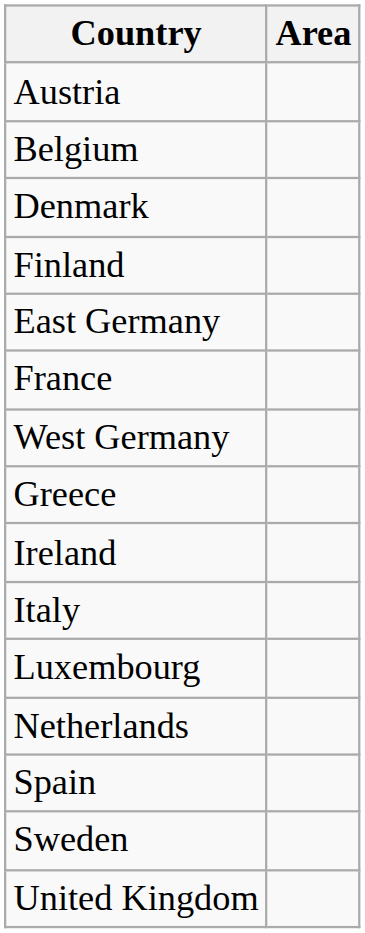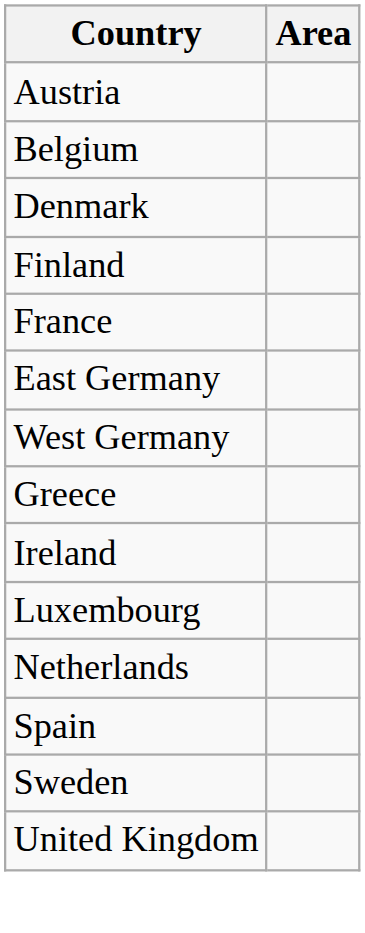 <table class="wikitable sortable" style="text-align: right; display: inline-table;">
 <tr>
 <th>Country</th>
 <th>Area</th>
 </tr>
 <tr>
 <td style="text-align:left;">Austria</td>
 <td></td>
 </tr>
 <tr>
 <td style="text-align:left;">Belgium</td>
 <td></td>
 </tr>
 <tr>
 <td style="text-align:left;">Denmark</td>
 <td></td>
 </tr>
 <tr>
 <td style="text-align:left;">Finland</td>
 <td></td>
 </tr>
 <tr>
-<td style="text-align:left;">East Germany</td>
+<td style="text-align:left;">France</td>
 <td></td>
 </tr>
 <tr>
-<td style="text-align:left;">France</td>
+<td style="text-align:left;">East Germany</td>
 <td></td>
 </tr>
 <tr>
 <td style="text-align:left;">West Germany</td>
 <td></td>
 </tr>
 <tr>
 <td style="text-align:left;">Greece</td>
 <td></td>
 </tr>
 <tr>
 <td style="text-align:left;">Ireland</td>
-<td></td>
-</tr>
-<tr>
-<td style="text-align:left;">Italy</td>
 <td></td>
 </tr>
 <tr>
 <td style="text-align:left;">Luxembourg</td>
 <td></td>
 </tr>
 <tr>
 <td style="text-align:left;">Netherlands</td>
 <td></td>
 </tr>
 <tr>
 <td style="text-align:left;">Spain</td>
 <td></td>
 </tr>
 <tr>
 <td style="text-align:left;">Sweden</td>
 <td></td>
 </tr>
 <tr>
 <td style="text-align:left;">United Kingdom</td>
 <td></td>
 </tr>
 </table>
